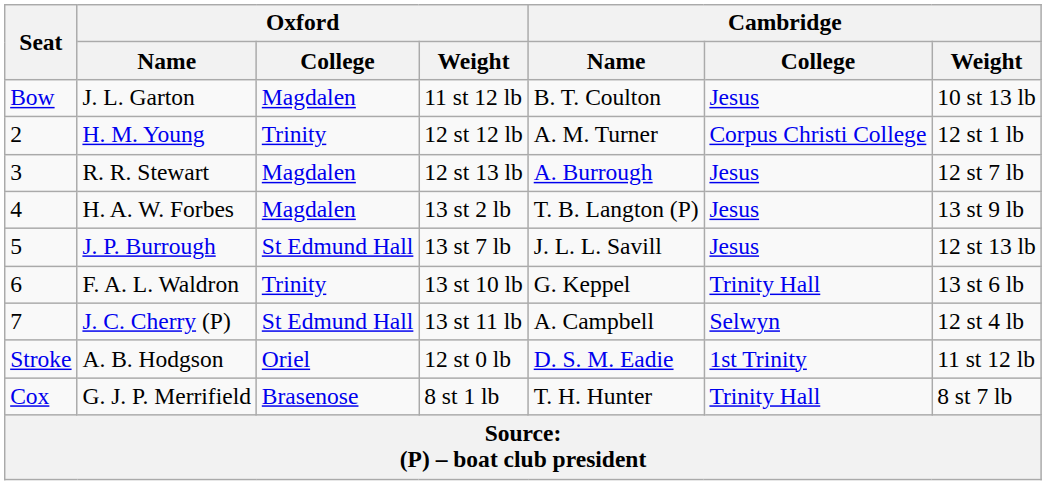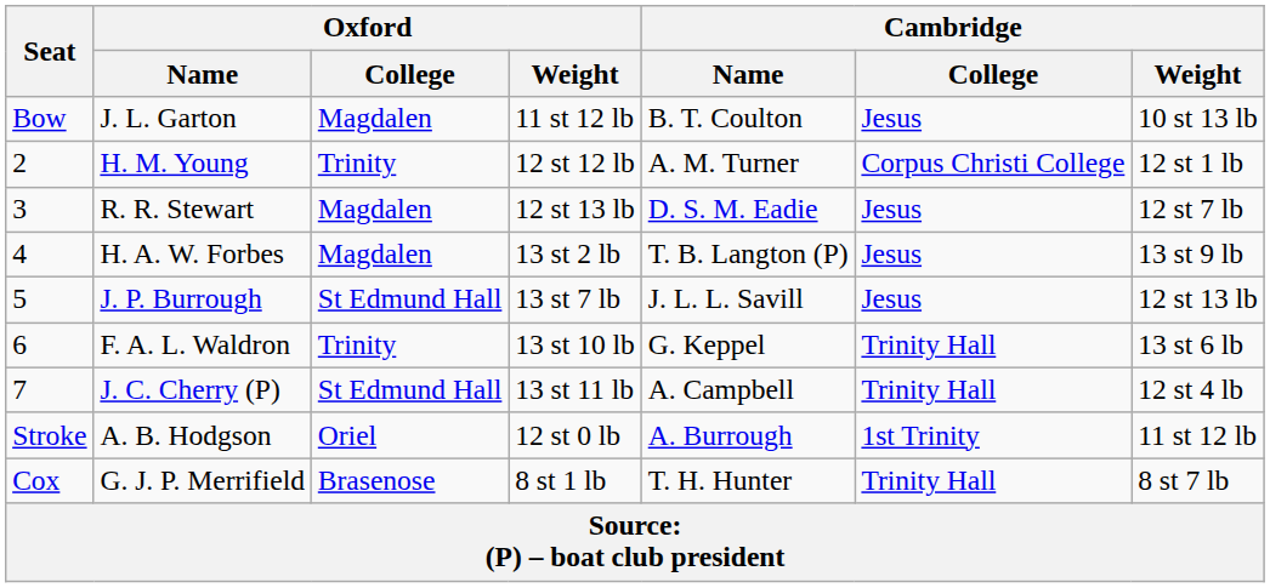 <table class="wikitable">
 <tr>
 <th rowspan="2" scope="col">Seat</th>
 <th colspan="3" scope="col">Oxford <br> </th>
 <th colspan="3" scope="col">Cambridge <br> </th>
 </tr>
 <tr>
 <th>Name</th>
 <th>College</th>
 <th>Weight</th>
 <th>Name</th>
 <th>College</th>
 <th>Weight</th>
 </tr>
 <tr>
 <td><a href='#'>Bow</a></td>
 <td>J. L. Garton</td>
 <td><a href='#'>Magdalen</a></td>
 <td>11 st 12 lb</td>
 <td>B. T. Coulton</td>
 <td><a href='#'>Jesus</a></td>
 <td>10 st 13 lb</td>
 </tr>
 <tr>
 <td>2</td>
 <td><a href='#'>H. M. Young</a></td>
 <td><a href='#'>Trinity</a></td>
 <td>12 st 12 lb</td>
 <td>A. M. Turner</td>
 <td><a href='#'>Corpus Christi College</a></td>
 <td>12 st 1 lb</td>
 </tr>
 <tr>
 <td>3</td>
 <td>R. R. Stewart</td>
 <td><a href='#'>Magdalen</a></td>
 <td>12 st 13 lb</td>
-<td><a href='#'>A. Burrough</a></td>
+<td><a href='#'>D. S. M. Eadie</a></td>
 <td><a href='#'>Jesus</a></td>
 <td>12 st 7 lb</td>
 </tr>
 <tr>
 <td>4</td>
 <td>H. A. W. Forbes</td>
 <td><a href='#'>Magdalen</a></td>
 <td>13 st 2 lb</td>
 <td>T. B. Langton (P)</td>
 <td><a href='#'>Jesus</a></td>
 <td>13 st 9 lb</td>
 </tr>
 <tr>
 <td>5</td>
 <td><a href='#'>J. P. Burrough</a></td>
 <td><a href='#'>St Edmund Hall</a></td>
 <td>13 st 7 lb</td>
 <td>J. L. L. Savill</td>
 <td><a href='#'>Jesus</a></td>
 <td>12 st 13 lb</td>
 </tr>
 <tr>
 <td>6</td>
 <td>F. A. L. Waldron</td>
 <td><a href='#'>Trinity</a></td>
 <td>13 st 10 lb</td>
 <td>G. Keppel</td>
 <td><a href='#'>Trinity Hall</a></td>
 <td>13 st 6 lb</td>
 </tr>
 <tr>
 <td>7</td>
 <td><a href='#'>J. C. Cherry</a> (P)</td>
 <td><a href='#'>St Edmund Hall</a></td>
 <td>13 st 11 lb</td>
 <td>A. Campbell</td>
-<td><a href='#'>Selwyn</a></td>
+<td><a href='#'>Trinity Hall</a></td>
 <td>12 st 4 lb</td>
 </tr>
 <tr>
 <td><a href='#'>Stroke</a></td>
 <td>A. B. Hodgson</td>
 <td><a href='#'>Oriel</a></td>
 <td>12 st 0 lb</td>
-<td><a href='#'>D. S. M. Eadie</a></td>
+<td><a href='#'>A. Burrough</a></td>
 <td><a href='#'>1st Trinity</a></td>
 <td>11 st 12 lb</td>
 </tr>
 <tr>
 <td><a href='#'>Cox</a></td>
 <td>G. J. P. Merrifield</td>
 <td><a href='#'>Brasenose</a></td>
 <td>8 st 1 lb</td>
 <td>T. H. Hunter</td>
 <td><a href='#'>Trinity Hall</a></td>
 <td>8 st 7 lb</td>
 </tr>
 <tr>
 <th colspan="7">Source:<br>(P) – boat club president</th>
 </tr>
 </table>
